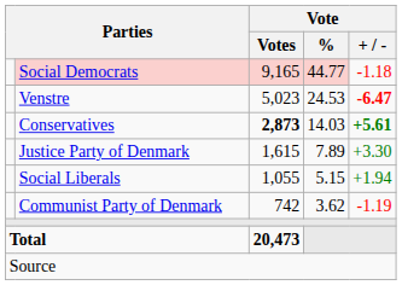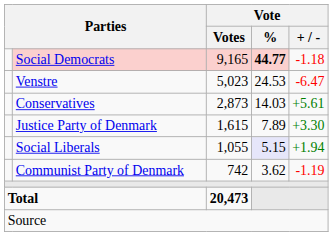 <table class="wikitable" style="text-align:right;">
 <tr>
 <th style="text-align:centre;" rowspan="2" colspan="2" width="225">Parties</th>
 <th colspan="3">Vote</th>
 </tr>
 <tr>
 <th width="15">Votes</th>
 <th width="15">%</th>
 <th width="15">+ / -</th>
 </tr>
 <tr>
 <td width="2" style="color:inherit;background:"></td>
 <td bgcolor=#fbd0ce  align="left"><a href='#'>Social Democrats</a></td>
 <td bgcolor=#fbd0ce>9,165</td>
-<td bgcolor=#fbd0ce>44.77</td>
+<td bgcolor=#fbd0ce><strong>44.77</strong></td>
 <td style=color:red;>-1.18</td>
 </tr>
 <tr>
 <td width="2" style="color:inherit;background:"></td>
 <td align="left"><a href='#'>Venstre</a></td>
 <td>5,023</td>
 <td>24.53</td>
-<td style=color:red;><strong>-6.47</strong></td>
+<td style=color:red;>-6.47</td>
 </tr>
 <tr>
 <td width="2" style="color:inherit;background:"></td>
 <td align="left"><a href='#'>Conservatives</a></td>
-<td><strong>2,873</strong></td>
+<td>2,873</td>
 <td>14.03</td>
-<td style=color:green;><strong>+5.61</strong></td>
+<td style=color:green;>+5.61</td>
 </tr>
 <tr>
 <td width="2" style="color:inherit;background:"></td>
 <td align="left"><a href='#'>Justice Party of Denmark</a></td>
 <td>1,615</td>
 <td>7.89</td>
 <td style=color:green;>+3.30</td>
 </tr>
 <tr>
 <td width="2" style="color:inherit;background:"></td>
 <td align="left"><a href='#'>Social Liberals</a></td>
 <td>1,055</td>
-<td>5.15</td>
+<td style="background: lavender;">5.15</td>
 <td style=color:green;>+1.94</td>
 </tr>
 <tr>
 <td width="2" style="color:inherit;background:"></td>
 <td align="left"><a href='#'>Communist Party of Denmark</a></td>
 <td>742</td>
 <td>3.62</td>
 <td style=color:red;>-1.19</td>
 </tr>
 <tr>
 <td colspan="7" bgcolor="#E9E9E9"></td>
 </tr>
 <tr>
 <td align="left" colspan="2"><strong>Total</strong></td>
 <td><strong>20,473</strong></td>
 <td bgcolor="#E9E9E9" colspan="2"></td>
 </tr>
 <tr>
 <td align="left" colspan="6">Source</td>
 </tr>
 </table>
